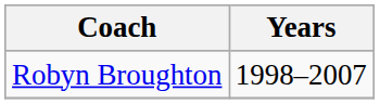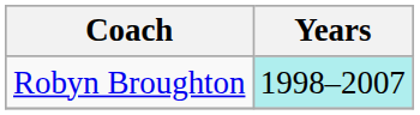 <table class="wikitable collapsible">
 <tr>
 <th>Coach</th>
 <th>Years</th>
 </tr>
 <tr>
 <td><a href='#'>Robyn Broughton</a></td>
-<td>1998–2007</td>
+<td style="background: paleturquoise;">1998–2007</td>
 </tr>
 <tr>
 </tr>
 </table>
